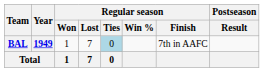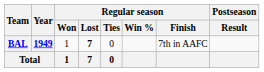 <table class="wikitable" style="font-size: 95%; text-align:center;">
 <tr>
 <th rowspan="2">Team</th>
 <th rowspan="2">Year</th>
 <th colspan="5">Regular season</th>
 <th>Postseason</th>
 </tr>
 <tr>
 <th>Won</th>
 <th>Lost</th>
 <th>Ties</th>
 <th>Win %</th>
 <th>Finish</th>
 <th>Result</th>
 </tr>
 <tr>
 <th><a href='#'>BAL</a></th>
 <th><a href='#'>1949</a></th>
 <td>1</td>
-<td>7</td>
-<td style="background: lightblue;">0</td>
+<td><strong>7</strong></td>
+<td>0</td>
 <td></td>
 <td>7th in AAFC</td>
 <td></td>
 </tr>
 <tr>
 <th colspan="2">Total</th>
 <th>1</th>
 <th>7</th>
 <th>0</th>
 <th></th>
 <th></th>
 <th></th>
 </tr>
 </table>
